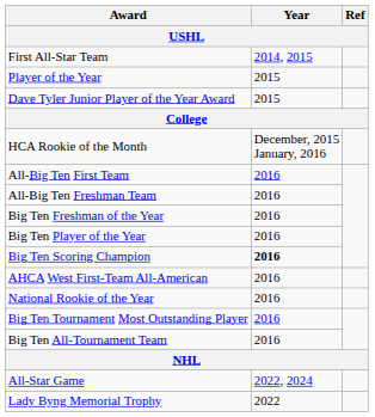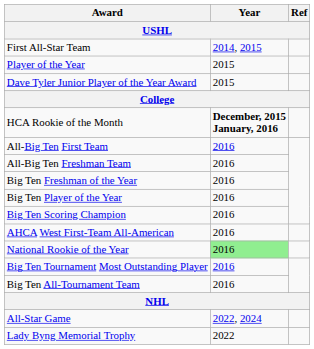 <table class="wikitable">
 <tr>
 <th>Award</th>
 <th>Year</th>
 <th>Ref</th>
 </tr>
 <tr>
 <th colspan="3"><a href='#'>USHL</a></th>
 </tr>
 <tr>
 <td>First All-Star Team</td>
 <td><a href='#'>2014</a>, <a href='#'>2015</a></td>
 <td></td>
 </tr>
 <tr>
 <td><a href='#'>Player of the Year</a></td>
 <td>2015</td>
 <td></td>
 </tr>
 <tr>
 <td><a href='#'>Dave Tyler Junior Player of the Year Award</a></td>
 <td>2015</td>
 <td></td>
 </tr>
 <tr>
 <th colspan="3"><a href='#'>College</a></th>
 </tr>
 <tr>
 <td>HCA Rookie of the Month</td>
-<td>December, 2015<br>January, 2016</td>
+<td><strong>December, 2015<br>January, 2016</strong></td>
 <td></td>
 </tr>
 <tr>
 <td>All-<a href='#'>Big Ten</a> <a href='#'>First Team</a></td>
 <td><a href='#'>2016</a></td>
 <td rowspan="5"></td>
 </tr>
 <tr>
 <td>All-Big Ten <a href='#'>Freshman Team</a></td>
 <td>2016</td>
 </tr>
 <tr>
 <td>Big Ten <a href='#'>Freshman of the Year</a></td>
 <td>2016</td>
 </tr>
 <tr>
 <td>Big Ten <a href='#'>Player of the Year</a></td>
 <td>2016</td>
 </tr>
 <tr>
 <td><a href='#'>Big Ten Scoring Champion</a></td>
-<td><strong>2016</strong></td>
+<td>2016</td>
 </tr>
 <tr>
 <td><a href='#'>AHCA</a> <a href='#'>West First-Team All-American</a></td>
 <td>2016</td>
 <td></td>
 </tr>
 <tr>
 <td><a href='#'>National Rookie of the Year</a></td>
-<td>2016</td>
+<td style="background: lightgreen;">2016</td>
 <td></td>
 </tr>
 <tr>
 <td><a href='#'>Big Ten Tournament</a> <a href='#'>Most Outstanding Player</a></td>
 <td><a href='#'>2016</a></td>
 <td rowspan="2"></td>
 </tr>
 <tr>
 <td>Big Ten <a href='#'>All-Tournament Team</a></td>
 <td>2016</td>
 </tr>
 <tr>
 <th colspan="3"><a href='#'>NHL</a></th>
 </tr>
 <tr>
 <td><a href='#'>All-Star Game</a></td>
 <td><a href='#'>2022</a>, <a href='#'>2024</a></td>
 <td></td>
 </tr>
 <tr>
 <td><a href='#'>Lady Byng Memorial Trophy</a></td>
 <td>2022</td>
 <td></td>
 </tr>
 </table>
